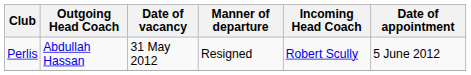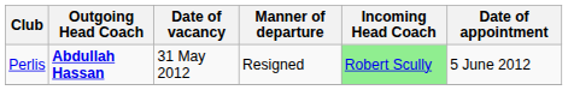 <table class="wikitable">
 <tr>
 <th>Club</th>
 <th>Outgoing Head Coach</th>
 <th>Date of vacancy</th>
 <th>Manner of departure</th>
 <th>Incoming Head Coach</th>
 <th>Date of appointment</th>
 </tr>
 <tr>
 <td><a href='#'>Perlis</a></td>
-<td> <a href='#'>Abdullah Hassan</a></td>
+<td><strong> <a href='#'>Abdullah Hassan</a></strong></td>
 <td>31 May 2012</td>
 <td>Resigned</td>
-<td> <a href='#'>Robert Scully</a></td>
+<td style="background: lightgreen;"> <a href='#'>Robert Scully</a></td>
 <td>5 June 2012</td>
 </tr>
 <tr>
 </tr>
 </table>
